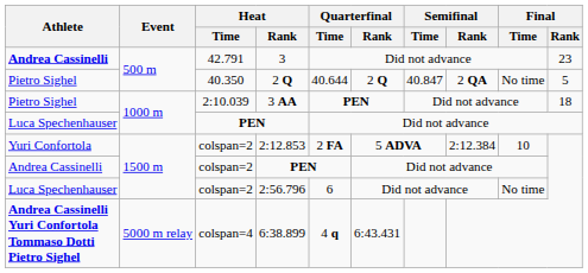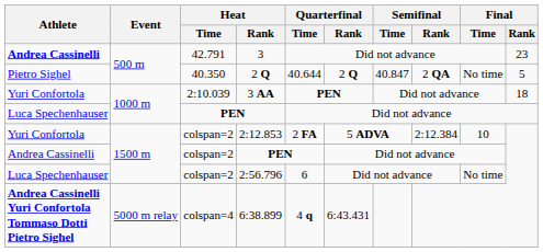 <table class=wikitable style="font-size:90%; text-align:center">
 <tr>
 <th rowspan=2>Athlete</th>
 <th rowspan=2>Event</th>
 <th colspan=2>Heat</th>
 <th colspan=2>Quarterfinal</th>
 <th colspan=2>Semifinal</th>
 <th colspan=2>Final</th>
 </tr>
 <tr style=font-size:95%>
 <th>Time</th>
 <th>Rank</th>
 <th>Time</th>
 <th>Rank</th>
 <th>Time</th>
 <th>Rank</th>
 <th>Time</th>
 <th>Rank</th>
 </tr>
 <tr>
 <td align=left><strong><a href='#'>Andrea Cassinelli</a></strong></td>
 <td align=left rowspan=2><a href='#'>500 m</a></td>
 <td>42.791</td>
 <td>3</td>
 <td colspan=5>Did not advance</td>
 <td>23</td>
 </tr>
 <tr>
 <td align=left><a href='#'>Pietro Sighel</a></td>
 <td>40.350</td>
 <td>2 <strong>Q</strong></td>
 <td>40.644</td>
 <td>2 <strong>Q</strong></td>
 <td>40.847</td>
 <td>2 <strong>QA</strong></td>
 <td>No time</td>
 <td>5</td>
 </tr>
 <tr>
-<td align=left><a href='#'>Pietro Sighel</a></td>
+<td align=left><a href='#'>Yuri Confortola</a></td>
 <td align=left rowspan=2><a href='#'>1000 m</a></td>
 <td>2:10.039</td>
 <td>3 <strong>AA</strong></td>
 <td colspan=2><strong>PEN</strong></td>
 <td colspan=3>Did not advance</td>
 <td>18</td>
 </tr>
 <tr>
 <td align=left><a href='#'>Luca Spechenhauser</a></td>
 <td colspan=2><strong>PEN</strong></td>
 <td colspan=6>Did not advance</td>
 </tr>
 <tr>
 <td align=left><a href='#'>Yuri Confortola</a></td>
 <td align=left rowspan=3><a href='#'>1500 m</a></td>
 <td>colspan=2 </td>
 <td>2:12.853</td>
 <td>2 <strong>FA</strong></td>
 <td colspan=2>5 <strong>ADVA</strong></td>
 <td>2:12.384</td>
 <td>10</td>
 </tr>
 <tr>
 <td align=left><a href='#'>Andrea Cassinelli</a></td>
 <td>colspan=2 </td>
 <td colspan=2><strong>PEN</strong></td>
 <td colspan=4>Did not advance</td>
 </tr>
 <tr>
 <td align=left><a href='#'>Luca Spechenhauser</a></td>
 <td>colspan=2 </td>
 <td>2:56.796</td>
 <td>6</td>
 <td colspan=3>Did not advance</td>
 <td>No time</td>
 </tr>
 <tr>
 <td align=left><strong><a href='#'>Andrea Cassinelli</a><br><a href='#'>Yuri Confortola</a><br><a href='#'>Tommaso Dotti</a><br><a href='#'>Pietro Sighel</a></strong></td>
 <td align=left><a href='#'>5000 m relay</a></td>
 <td>colspan=4 </td>
 <td>6:38.899</td>
 <td>4 <strong>q</strong></td>
 <td>6:43.431</td>
 <td></td>
 </tr>
 </table>
